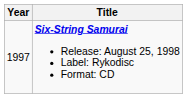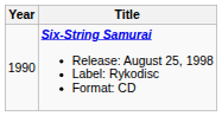 <table class="wikitable">
 <tr>
 <th>Year</th>
 <th>Title</th>
 </tr>
 <tr>
-<td>1997</td>
+<td>1990</td>
 <td style="text-align:left;"><strong><em><a href='#'>Six-String Samurai</a></em></strong><br><ul><li>Release: August 25, 1998</li><li>Label: Rykodisc</li><li>Format: CD</li></ul></td>
 </tr>
 </table>
